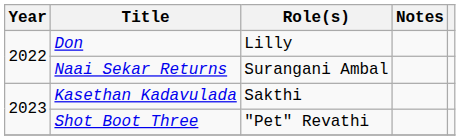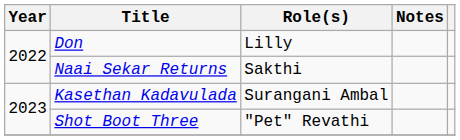 <table class="wikitable sortable">
 <tr>
 <th scope="col">Year</th>
 <th scope="col">Title</th>
 <th scope="col">Role(s)</th>
 <th scope="col" class=unsortable>Notes</th>
 <th scope="col" class=unsortable></th>
 </tr>
 <tr>
 <td rowspan="2">2022</td>
 <td><em><a href='#'>Don</a></em></td>
 <td>Lilly</td>
 <td></td>
 <td></td>
 </tr>
 <tr>
 <td><em><a href='#'>Naai Sekar Returns</a></em></td>
-<td>Surangani Ambal</td>
+<td>Sakthi</td>
 <td></td>
 <td></td>
 </tr>
 <tr>
 <td rowspan="2">2023</td>
 <td><em><a href='#'>Kasethan Kadavulada</a></em></td>
-<td>Sakthi</td>
+<td>Surangani Ambal</td>
 <td></td>
 <td></td>
 </tr>
 <tr>
 <td><em><a href='#'>Shot Boot Three</a></em></td>
 <td>"Pet" Revathi</td>
 <td></td>
 <td></td>
 </tr>
 <tr>
 </tr>
 </table>
